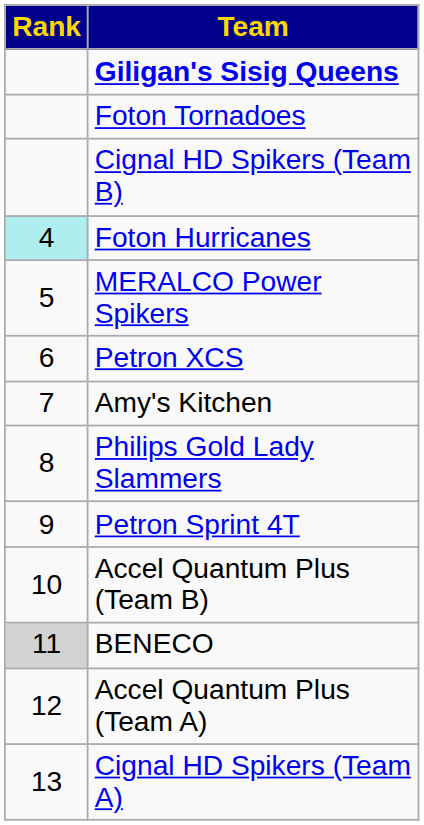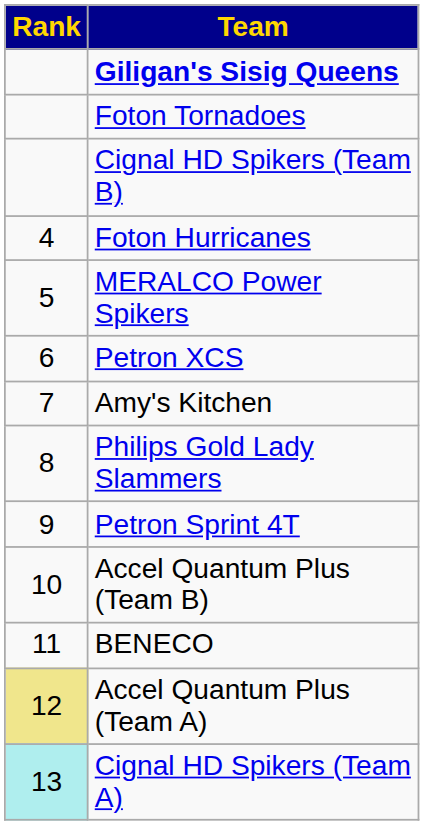 <table class="wikitable" style="text-align: center;">
 <tr>
 <th width=40 style="background:#00008B; color:#FFD700;">Rank</th>
 <th width=180 style="background:#00008B; color:#FFD700;">Team</th>
 </tr>
 <tr>
 <td></td>
 <td align="left"><strong><a href='#'>Giligan's Sisig Queens</a></strong></td>
 </tr>
 <tr>
 <td></td>
 <td align="left"><a href='#'>Foton Tornadoes</a></td>
 </tr>
 <tr>
 <td></td>
 <td align="left"><a href='#'>Cignal HD Spikers (Team B)</a></td>
 </tr>
 <tr>
-<td style="background: paleturquoise;">4</td>
+<td>4</td>
 <td align="left"><a href='#'>Foton Hurricanes</a></td>
 </tr>
 <tr>
 <td>5</td>
 <td align="left"><a href='#'>MERALCO Power Spikers</a></td>
 </tr>
 <tr>
 <td>6</td>
 <td align="left"><a href='#'>Petron XCS</a></td>
 </tr>
 <tr>
 <td>7</td>
 <td align="left">Amy's Kitchen</td>
 </tr>
 <tr>
 <td>8</td>
 <td align="left"><a href='#'>Philips Gold Lady Slammers</a></td>
 </tr>
 <tr>
 <td>9</td>
 <td align="left"><a href='#'>Petron Sprint 4T</a></td>
 </tr>
 <tr>
 <td>10</td>
 <td align="left">Accel Quantum Plus (Team B)</td>
 </tr>
 <tr>
-<td style="background: lightgrey;">11</td>
+<td>11</td>
 <td align="left">BENECO</td>
 </tr>
 <tr>
-<td>12</td>
+<td style="background: khaki;">12</td>
 <td align="left">Accel Quantum Plus (Team A)</td>
 </tr>
 <tr>
-<td>13</td>
+<td style="background: paleturquoise;">13</td>
 <td align="left"><a href='#'>Cignal HD Spikers (Team A)</a></td>
 </tr>
 </table>
